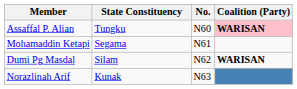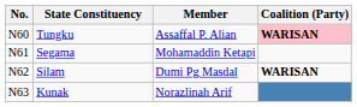 <table class="wikitable sortable">
 <tr>
+<th width="30">No.</th>
+<th width="150">State Constituency</th>
 <th>Member</th>
-<th width="150">State Constituency</th>
-<th width="30">No.</th>
 <th>Coalition (Party)</th>
 </tr>
 <tr>
+<td>N60</td>
+<td><a href='#'>Tungku</a></td>
 <td><a href='#'>Assaffal P. Alian</a></td>
-<td><a href='#'>Tungku</a></td>
-<td>N60</td>
 <td style="background: pink;"><strong>WARISAN</strong></td>
 </tr>
 <tr>
+<td>N61</td>
+<td><a href='#'>Segama</a></td>
 <td><a href='#'>Mohamaddin Ketapi</a></td>
-<td><a href='#'>Segama</a></td>
-<td>N61</td>
 <td></td>
 </tr>
 <tr>
+<td>N62</td>
+<td><a href='#'>Silam</a></td>
 <td><a href='#'>Dumi Pg Masdal</a></td>
-<td><a href='#'>Silam</a></td>
-<td>N62</td>
 <td><strong>WARISAN</strong></td>
 </tr>
 <tr>
+<td>N63</td>
+<td><a href='#'>Kunak</a></td>
 <td><a href='#'>Norazlinah Arif</a></td>
-<td><a href='#'>Kunak</a></td>
-<td>N63</td>
 <td style="background-color: #4682B4;"></td>
 </tr>
 </table>
